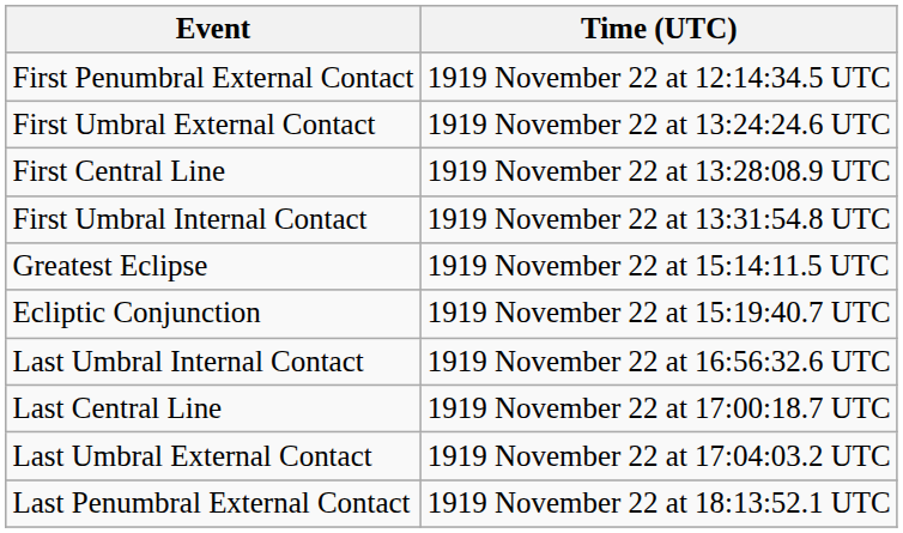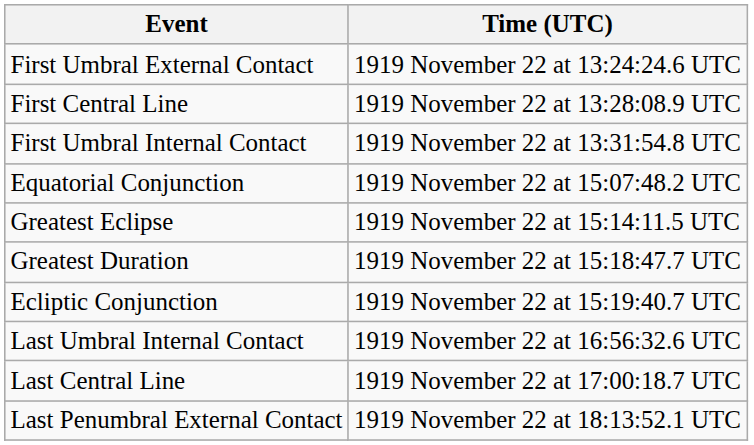 <table class="wikitable">
 <tr>
 <th>Event</th>
 <th>Time (UTC)</th>
-</tr>
-<tr>
-<td>First Penumbral External Contact</td>
-<td>1919 November 22 at 12:14:34.5 UTC</td>
 </tr>
 <tr>
 <td>First Umbral External Contact</td>
 <td>1919 November 22 at 13:24:24.6 UTC</td>
 </tr>
 <tr>
 <td>First Central Line</td>
 <td>1919 November 22 at 13:28:08.9 UTC</td>
 </tr>
 <tr>
 <td>First Umbral Internal Contact</td>
 <td>1919 November 22 at 13:31:54.8 UTC</td>
 </tr>
 <tr>
+<td>Equatorial Conjunction</td>
+<td>1919 November 22 at 15:07:48.2 UTC</td>
+</tr>
+<tr>
 <td>Greatest Eclipse</td>
 <td>1919 November 22 at 15:14:11.5 UTC</td>
+</tr>
+<tr>
+<td>Greatest Duration</td>
+<td>1919 November 22 at 15:18:47.7 UTC</td>
 </tr>
 <tr>
 <td>Ecliptic Conjunction</td>
 <td>1919 November 22 at 15:19:40.7 UTC</td>
 </tr>
 <tr>
 <td>Last Umbral Internal Contact</td>
 <td>1919 November 22 at 16:56:32.6 UTC</td>
 </tr>
 <tr>
 <td>Last Central Line</td>
 <td>1919 November 22 at 17:00:18.7 UTC</td>
 </tr>
 <tr>
-<td>Last Umbral External Contact</td>
-<td>1919 November 22 at 17:04:03.2 UTC</td>
-</tr>
-<tr>
 <td>Last Penumbral External Contact</td>
 <td>1919 November 22 at 18:13:52.1 UTC</td>
 </tr>
 </table>
